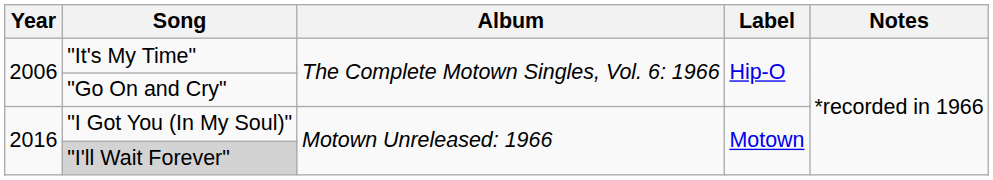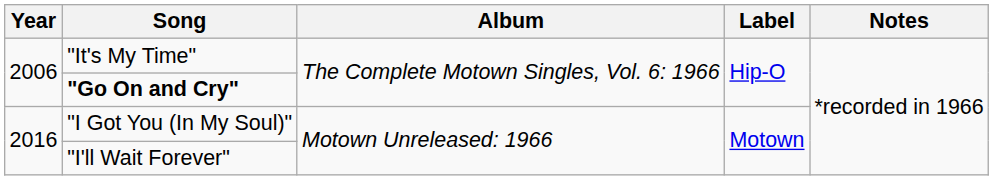 <table class="wikitable">
 <tr>
 <th>Year</th>
 <th>Song</th>
 <th>Album</th>
 <th>Label</th>
 <th>Notes</th>
 </tr>
 <tr>
 <td rowspan=2>2006</td>
 <td>"It's My Time"</td>
 <td rowspan=2><em>The Complete Motown Singles, Vol. 6: 1966</em></td>
 <td rowspan=2><a href='#'>Hip-O</a></td>
 <td rowspan=4>*recorded in 1966</td>
 </tr>
 <tr>
-<td>"Go On and Cry"</td>
+<td><strong>"Go On and Cry"</strong></td>
 </tr>
 <tr>
 <td rowspan=2>2016</td>
 <td>"I Got You (In My Soul)"</td>
 <td rowspan=2><em>Motown Unreleased: 1966</em></td>
 <td rowspan=2><a href='#'>Motown</a></td>
 </tr>
 <tr>
-<td style="background: lightgrey;">"I'll Wait Forever"</td>
+<td>"I'll Wait Forever"</td>
 </tr>
 </table>
